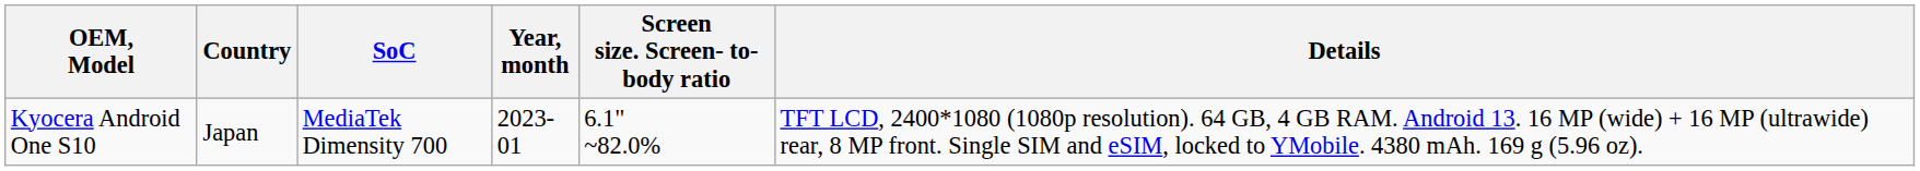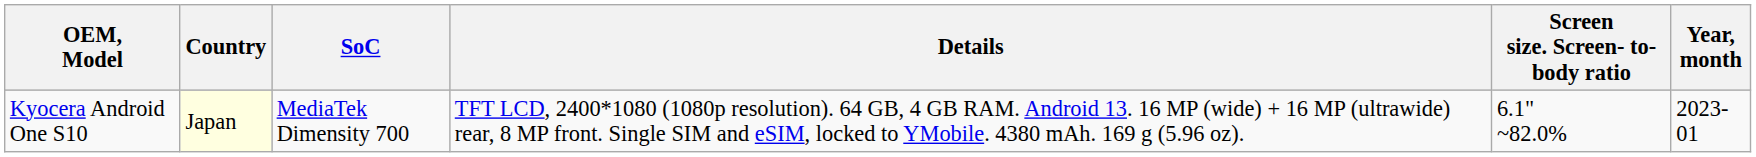 <table class="wikitable sortable">
 <tr>
 <th>OEM,<br>Model</th>
 <th>Country</th>
 <th><a href='#'>SoC</a></th>
+<th>Details</th>
+<th>Screen<br>size. Screen- to-body ratio</th>
 <th>Year,<br>month</th>
-<th>Screen<br>size. Screen- to-body ratio</th>
-<th>Details</th>
 </tr>
 <tr>
 <td><a href='#'>Kyocera</a> Android One S10</td>
-<td>Japan</td>
+<td style="background: lightyellow;">Japan</td>
 <td><a href='#'>MediaTek</a> Dimensity 700</td>
+<td><a href='#'>TFT LCD</a>, 2400*1080 (1080p resolution). 64 GB, 4 GB RAM. <a href='#'>Android 13</a>. 16 MP (wide) + 16 MP (ultrawide) rear, 8 MP front. Single SIM and <a href='#'>eSIM</a>, locked to <a href='#'>YMobile</a>. 4380 mAh. 169 g (5.96 oz).</td>
+<td>6.1"<br>~82.0%</td>
 <td>2023-01</td>
-<td>6.1"<br>~82.0%</td>
-<td><a href='#'>TFT LCD</a>, 2400*1080 (1080p resolution). 64 GB, 4 GB RAM. <a href='#'>Android 13</a>. 16 MP (wide) + 16 MP (ultrawide) rear, 8 MP front. Single SIM and <a href='#'>eSIM</a>, locked to <a href='#'>YMobile</a>. 4380 mAh. 169 g (5.96 oz).</td>
 </tr>
 </table>
